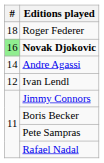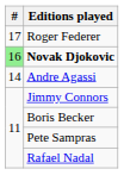 <table class="wikitable" style="display:inline-table;">
 <tr>
 <th>#</th>
 <th>Editions played</th>
 </tr>
 <tr>
-<td style="text-align: center;">18</td>
+<td style="text-align: center;">17</td>
 <td> Roger Federer</td>
 </tr>
 <tr>
 <td style="background: lightgreen; text-align: center;">16</td>
 <td> <strong>Novak Djokovic</strong></td>
 </tr>
 <tr>
 <td style="text-align: center;">14</td>
 <td> <a href='#'>Andre Agassi</a></td>
-</tr>
-<tr>
-<td style="text-align: center;">12</td>
-<td> Ivan Lendl</td>
 </tr>
 <tr>
 <td rowspan="4" style="text-align: center;">11</td>
 <td> <a href='#'>Jimmy Connors</a></td>
 </tr>
 <tr>
 <td> Boris Becker</td>
 </tr>
 <tr>
 <td> Pete Sampras</td>
 </tr>
 <tr>
 <td> <a href='#'>Rafael Nadal</a></td>
 </tr>
 </table>
